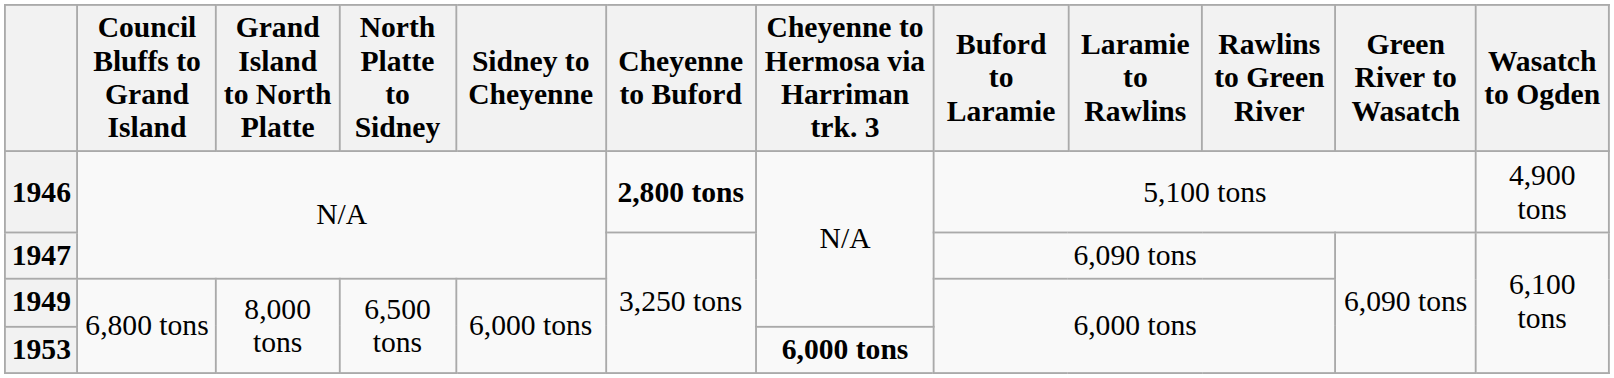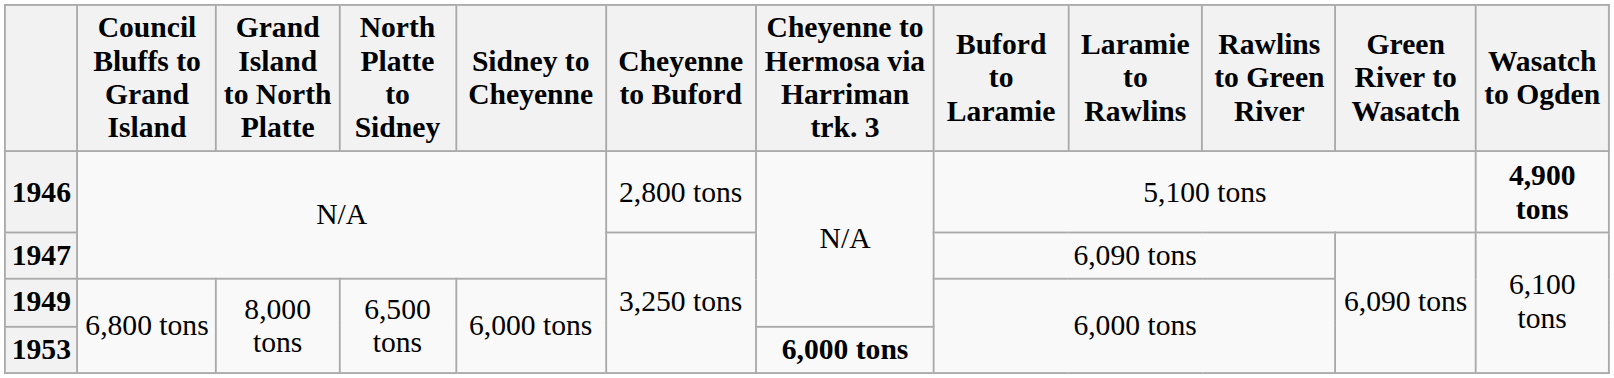 <table class=wikitable style=text-align:center>
 <tr>
 <th></th>
 <th>Council Bluffs to Grand Island</th>
 <th>Grand Island to North Platte</th>
 <th>North Platte to Sidney</th>
 <th>Sidney to Cheyenne</th>
 <th>Cheyenne to Buford</th>
 <th>Cheyenne to Hermosa via Harriman trk. 3</th>
 <th>Buford to Laramie</th>
 <th>Laramie to Rawlins</th>
 <th>Rawlins to Green River</th>
 <th>Green River to Wasatch</th>
 <th>Wasatch to Ogden</th>
 </tr>
 <tr>
 <th>1946</th>
 <td rowspan="2" colspan="4">N/A</td>
-<td><strong>2,800 tons</strong></td>
+<td>2,800 tons</td>
 <td rowspan="3">N/A</td>
 <td colspan="4">5,100 tons</td>
-<td>4,900 tons</td>
+<td><strong>4,900 tons</strong></td>
 </tr>
 <tr>
 <th>1947</th>
 <td rowspan="3">3,250 tons</td>
 <td colspan="3">6,090 tons</td>
 <td rowspan="3">6,090 tons</td>
 <td rowspan="3">6,100 tons</td>
 </tr>
 <tr>
 <th>1949</th>
 <td rowspan="2">6,800 tons</td>
 <td rowspan="2">8,000 tons</td>
 <td rowspan="2">6,500 tons</td>
 <td rowspan="2">6,000 tons</td>
 <td rowspan="2" colspan="3">6,000 tons</td>
 </tr>
 <tr>
 <th>1953</th>
 <td><strong>6,000 tons</strong></td>
 </tr>
 </table>
